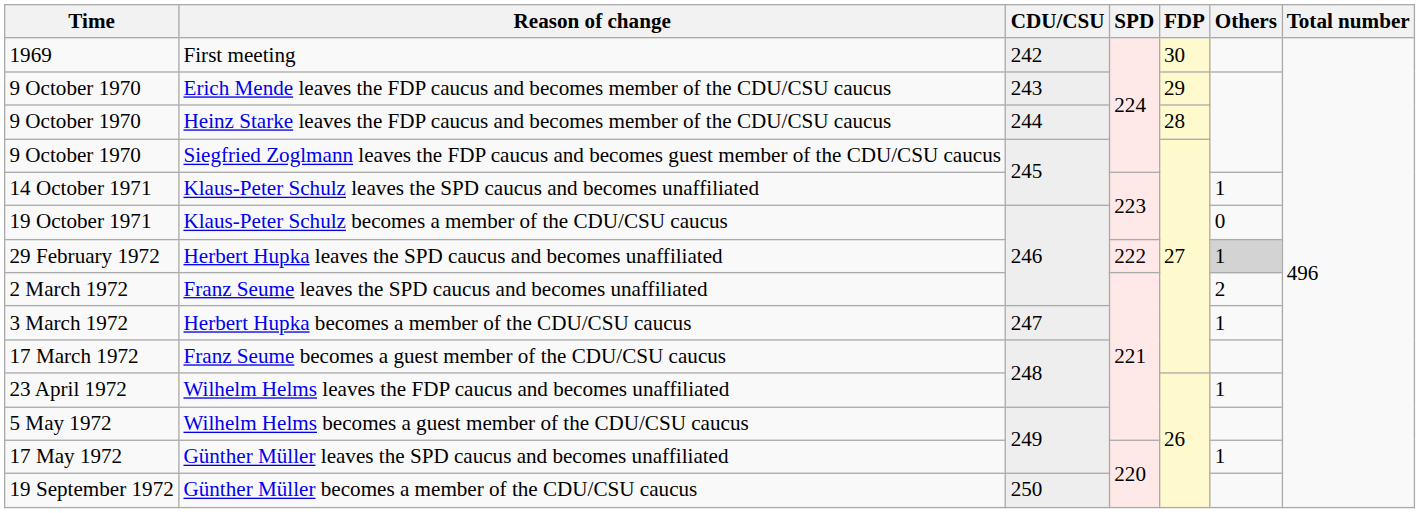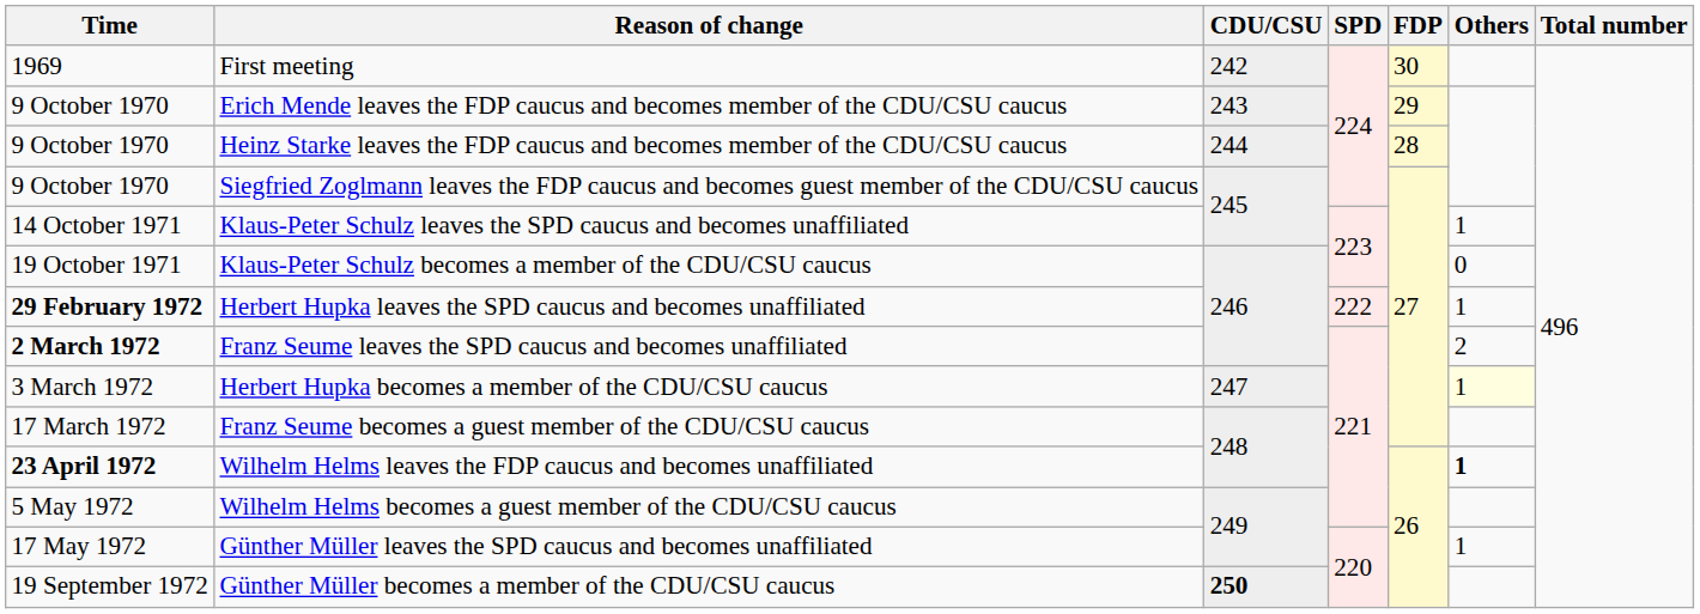 <table class="wikitable">
 <tr>
 <th>Time</th>
 <th>Reason of change</th>
 <th>CDU/CSU</th>
 <th>SPD</th>
 <th>FDP</th>
 <th>Others</th>
 <th>Total number</th>
 </tr>
 <tr>
 <td>1969</td>
 <td>First meeting</td>
 <td rowspan="1" style="background:#EEEEEE;">242</td>
 <td rowspan="4" style="background:#FFE8E8;">224</td>
 <td rowspan="1" style="background:#FFFACD;">30</td>
 <td rowspan="1"></td>
 <td rowspan="14">496</td>
 </tr>
 <tr>
 <td>9 October 1970</td>
 <td><a href='#'>Erich Mende</a> leaves the FDP caucus and becomes member of the CDU/CSU caucus</td>
 <td rowspan="1" style="background:#EEEEEE;">243</td>
 <td rowspan="1" style="background:#FFFACD;">29</td>
 </tr>
 <tr>
 <td>9 October 1970</td>
 <td><a href='#'>Heinz Starke</a> leaves the FDP caucus and becomes member of the CDU/CSU caucus</td>
 <td rowspan="1" style="background:#EEEEEE;">244</td>
 <td rowspan="1" style="background:#FFFACD;">28</td>
 </tr>
 <tr>
 <td>9 October 1970</td>
 <td><a href='#'>Siegfried Zoglmann</a> leaves the FDP caucus and becomes guest member of the CDU/CSU caucus</td>
 <td rowspan="2" style="background:#EEEEEE;">245</td>
 <td rowspan="7" style="background:#FFFACD;">27</td>
 </tr>
 <tr>
 <td>14 October 1971</td>
 <td><a href='#'>Klaus-Peter Schulz</a> leaves the SPD caucus and becomes unaffiliated</td>
 <td rowspan="2" style="background:#FFE8E8;">223</td>
 <td rowspan="1">1</td>
 </tr>
 <tr>
 <td>19 October 1971</td>
 <td><a href='#'>Klaus-Peter Schulz</a> becomes a member of the CDU/CSU caucus</td>
 <td rowspan="3" style="background:#EEEEEE;">246</td>
 <td rowspan="1">0</td>
 </tr>
 <tr>
-<td>29 February 1972</td>
+<td><strong>29 February 1972</strong></td>
 <td><a href='#'>Herbert Hupka</a> leaves the SPD caucus and becomes unaffiliated</td>
 <td rowspan="1" style="background:#FFE8E8;">222</td>
-<td rowspan="1" style="background: lightgrey;">1</td>
+<td rowspan="1">1</td>
 </tr>
 <tr>
-<td>2 March 1972</td>
+<td><strong>2 March 1972</strong></td>
 <td><a href='#'>Franz Seume</a> leaves the SPD caucus and becomes unaffiliated</td>
 <td rowspan="5" style="background:#FFE8E8;">221</td>
 <td rowspan="1">2</td>
 </tr>
 <tr>
 <td>3 March 1972</td>
 <td><a href='#'>Herbert Hupka</a> becomes a member of the CDU/CSU caucus</td>
 <td rowspan="1" style="background:#EEEEEE;">247</td>
-<td rowspan="1">1</td>
+<td rowspan="1" style="background: lightyellow;">1</td>
 </tr>
 <tr>
 <td>17 March 1972</td>
 <td><a href='#'>Franz Seume</a> becomes a guest member of the CDU/CSU caucus</td>
 <td rowspan="2" style="background:#EEEEEE;">248</td>
 <td rowspan="1"></td>
 </tr>
 <tr>
-<td>23 April 1972</td>
+<td><strong>23 April 1972</strong></td>
 <td><a href='#'>Wilhelm Helms</a> leaves the FDP caucus and becomes unaffiliated</td>
 <td rowspan="4" style="background:#FFFACD;">26</td>
-<td rowspan="1">1</td>
+<td rowspan="1"><strong>1</strong></td>
 </tr>
 <tr>
 <td>5 May 1972</td>
 <td><a href='#'>Wilhelm Helms</a> becomes a guest member of the CDU/CSU caucus</td>
 <td rowspan="2" style="background:#EEEEEE;">249</td>
 <td rowspan="1"></td>
 </tr>
 <tr>
 <td>17 May 1972</td>
 <td><a href='#'>Günther Müller</a> leaves the SPD caucus and becomes unaffiliated</td>
 <td rowspan="2" style="background:#FFE8E8;">220</td>
 <td rowspan="1">1</td>
 </tr>
 <tr>
 <td>19 September 1972</td>
 <td><a href='#'>Günther Müller</a> becomes a member of the CDU/CSU caucus</td>
-<td rowspan="1" style="background:#EEEEEE;">250</td>
+<td rowspan="1" style="background:#EEEEEE;"><strong>250</strong></td>
 <td rowspan="1"></td>
 </tr>
 </table>
